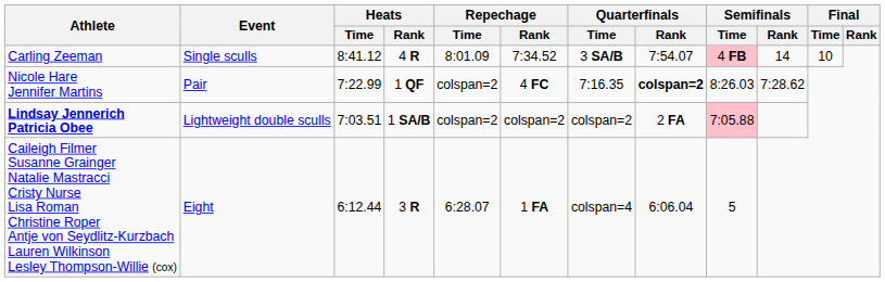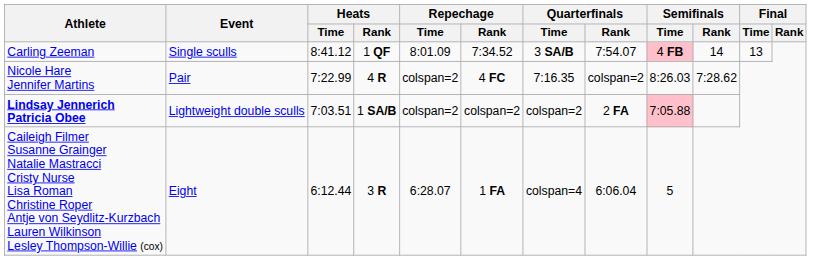 <table class="wikitable" style="font-size:90%">
 <tr>
 <th rowspan="2">Athlete</th>
 <th rowspan="2">Event</th>
 <th colspan="2">Heats</th>
 <th colspan="2">Repechage</th>
 <th colspan="2">Quarterfinals</th>
 <th colspan="2">Semifinals</th>
 <th colspan="2">Final</th>
 </tr>
 <tr style="font-size:95%">
 <th>Time</th>
 <th>Rank</th>
 <th>Time</th>
 <th>Rank</th>
 <th>Time</th>
 <th>Rank</th>
 <th>Time</th>
 <th>Rank</th>
 <th>Time</th>
 <th>Rank</th>
 </tr>
 <tr align=center>
 <td align=left><a href='#'>Carling Zeeman</a></td>
 <td align=left><a href='#'>Single sculls</a></td>
 <td>8:41.12</td>
-<td>4 <strong>R</strong></td>
+<td>1 <strong>QF</strong></td>
 <td>8:01.09</td>
 <td>7:34.52</td>
 <td>3 <strong>SA/B</strong></td>
 <td>7:54.07</td>
 <td style="background: pink;">4 <strong>FB</strong></td>
 <td>14</td>
-<td>10</td>
+<td>13</td>
 </tr>
 <tr align=center>
 <td align=left><a href='#'>Nicole Hare</a><br><a href='#'>Jennifer Martins</a></td>
 <td align=left><a href='#'>Pair</a></td>
 <td>7:22.99</td>
-<td>1 <strong>QF</strong></td>
+<td>4 <strong>R</strong></td>
 <td>colspan=2 </td>
 <td>4 <strong>FC</strong></td>
 <td>7:16.35</td>
-<td><strong>colspan=2 </strong></td>
+<td>colspan=2 </td>
 <td>8:26.03</td>
 <td>7:28.62</td>
 </tr>
 <tr align=center>
 <td align=left><strong><a href='#'>Lindsay Jennerich</a></strong><br><strong><a href='#'>Patricia Obee</a></strong></td>
 <td align=left><a href='#'>Lightweight double sculls</a></td>
 <td>7:03.51</td>
 <td>1 <strong>SA/B</strong></td>
 <td>colspan=2 </td>
 <td>colspan=2 </td>
 <td>colspan=2 </td>
 <td>2 <strong>FA</strong></td>
 <td style="background: pink;">7:05.88</td>
 <td></td>
 </tr>
 <tr align=center>
 <td align=left><a href='#'>Caileigh Filmer</a><br><a href='#'>Susanne Grainger</a><br><a href='#'>Natalie Mastracci</a><br><a href='#'>Cristy Nurse</a><br><a href='#'>Lisa Roman</a><br><a href='#'>Christine Roper</a><br><a href='#'>Antje von Seydlitz-Kurzbach</a><br><a href='#'>Lauren Wilkinson</a><br><a href='#'>Lesley Thompson-Willie</a> <small>(cox)</small></td>
 <td align=left><a href='#'>Eight</a></td>
 <td>6:12.44</td>
 <td>3 <strong>R</strong></td>
 <td>6:28.07</td>
 <td>1 <strong>FA</strong></td>
 <td>colspan=4 </td>
 <td>6:06.04</td>
 <td>5</td>
 </tr>
 </table>
